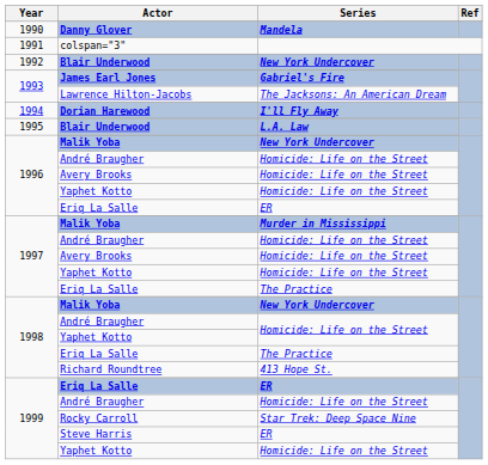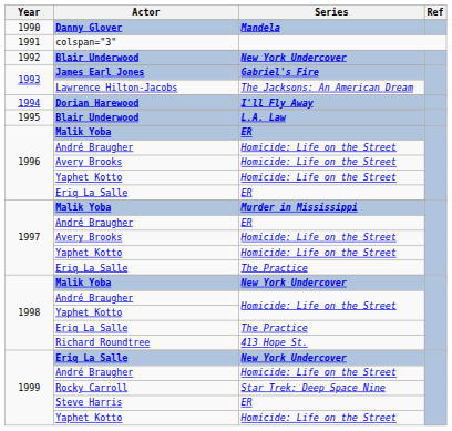 <table class="wikitable" style="width:100%;">
 <tr style="background:#bebebe;">
 <th style="width:11%;">Year</th>
 <th style="width:42%;">Actor</th>
 <th style="width:42%;">Series</th>
 <th style="width:5%;">Ref</th>
 </tr>
 <tr>
 <td rowspan="2" align="center">1990</td>
 </tr>
 <tr style="background:#B0C4DE">
 <td><strong><a href='#'>Danny Glover</a></strong></td>
 <td><strong><em><a href='#'>Mandela</a></em></strong></td>
 <td align="center"></td>
 </tr>
 <tr>
 <td align="center">1991</td>
 <td>colspan="3" </td>
 </tr>
 <tr>
 <td rowspan="2" align="center">1992</td>
 </tr>
 <tr style="background:#B0C4DE">
 <td><strong><a href='#'>Blair Underwood</a></strong></td>
 <td><strong><em><a href='#'>New York Undercover</a></em></strong></td>
 <td rowspan="2" align="center"></td>
 </tr>
 <tr>
 <td rowspan="3" align="center"><a href='#'>1993</a></td>
 </tr>
 <tr style="background:#B0C4DE">
 <td><strong><a href='#'>James Earl Jones</a></strong></td>
 <td><strong><em><a href='#'>Gabriel's Fire</a></em></strong></td>
 <td rowspan="3" align="center"></td>
 </tr>
 <tr>
 <td><a href='#'>Lawrence Hilton-Jacobs</a></td>
 <td><em><a href='#'>The Jacksons: An American Dream</a></em></td>
 </tr>
 <tr>
 <td rowspan="2" align="center"><a href='#'>1994</a></td>
 </tr>
 <tr style="background:#B0C4DE">
 <td><strong><a href='#'>Dorian Harewood</a></strong></td>
 <td><strong><em><a href='#'>I'll Fly Away</a></em></strong></td>
 <td rowspan="2" align="center"></td>
 </tr>
 <tr>
 <td rowspan="2" align="center">1995</td>
 </tr>
 <tr style="background:#B0C4DE">
 <td><strong><a href='#'>Blair Underwood</a></strong></td>
 <td><strong><em><a href='#'>L.A. Law</a></em></strong></td>
 <td rowspan="2" align="center"></td>
 </tr>
 <tr>
 <td rowspan="6" align="center">1996</td>
 </tr>
 <tr style="background:#B0C4DE">
 <td><strong><a href='#'>Malik Yoba</a></strong></td>
-<td><strong><em><a href='#'>New York Undercover</a></em></strong></td>
+<td><strong><em><a href='#'>ER</a></em></strong></td>
 <td rowspan="6" align="center"></td>
 </tr>
 <tr>
 <td><a href='#'>André Braugher</a></td>
 <td><em><a href='#'>Homicide: Life on the Street</a></em></td>
 </tr>
 <tr>
 <td><a href='#'>Avery Brooks</a></td>
 <td><em><a href='#'>Homicide: Life on the Street</a></em></td>
 </tr>
 <tr>
 <td><a href='#'>Yaphet Kotto</a></td>
 <td><em><a href='#'>Homicide: Life on the Street</a></em></td>
 </tr>
 <tr>
 <td><a href='#'>Eriq La Salle</a></td>
 <td><em><a href='#'>ER</a></em></td>
 </tr>
 <tr>
 <td rowspan="6" align="center">1997</td>
 </tr>
 <tr style="background:#B0C4DE">
 <td><strong><a href='#'>Malik Yoba</a></strong></td>
 <td><strong><em><a href='#'>Murder in Mississippi</a></em></strong></td>
 <td rowspan="6" align="center"></td>
 </tr>
 <tr>
 <td><a href='#'>André Braugher</a></td>
-<td><em><a href='#'>Homicide: Life on the Street</a></em></td>
+<td><em><a href='#'>ER</a></em></td>
 </tr>
 <tr>
 <td><a href='#'>Avery Brooks</a></td>
 <td><em><a href='#'>Homicide: Life on the Street</a></em></td>
 </tr>
 <tr>
 <td><a href='#'>Yaphet Kotto</a></td>
 <td><em><a href='#'>Homicide: Life on the Street</a></em></td>
 </tr>
 <tr>
 <td><a href='#'>Eriq La Salle</a></td>
 <td><em><a href='#'>The Practice</a></em></td>
 </tr>
 <tr>
 <td rowspan="6" align="center">1998</td>
 </tr>
 <tr style="background:#B0C4DE">
 <td><strong><a href='#'>Malik Yoba</a></strong></td>
 <td><strong><em><a href='#'>New York Undercover</a></em></strong></td>
 <td rowspan="6" align="center"></td>
 </tr>
 <tr>
 <td><a href='#'>André Braugher</a></td>
 <td rowspan="2"><em><a href='#'>Homicide: Life on the Street</a></em></td>
 </tr>
 <tr>
 <td><a href='#'>Yaphet Kotto</a></td>
 </tr>
 <tr>
 <td><a href='#'>Eriq La Salle</a></td>
 <td><em><a href='#'>The Practice</a></em></td>
 </tr>
 <tr>
 <td><a href='#'>Richard Roundtree</a></td>
 <td><em><a href='#'>413 Hope St.</a></em></td>
 </tr>
 <tr>
 <td rowspan="6" align="center">1999</td>
 </tr>
 <tr style="background:#B0C4DE">
 <td><strong><a href='#'>Eriq La Salle</a></strong></td>
-<td><strong><em><a href='#'>ER</a></em></strong></td>
+<td><strong><em><a href='#'>New York Undercover</a></em></strong></td>
 <td rowspan="6" align="center"></td>
 </tr>
 <tr>
 <td><a href='#'>André Braugher</a></td>
 <td><em><a href='#'>Homicide: Life on the Street</a></em></td>
 </tr>
 <tr>
 <td><a href='#'>Rocky Carroll</a></td>
 <td><em><a href='#'>Star Trek: Deep Space Nine</a></em></td>
 </tr>
 <tr>
 <td><a href='#'>Steve Harris</a></td>
 <td><em><a href='#'>ER</a></em></td>
 </tr>
 <tr>
 <td><a href='#'>Yaphet Kotto</a></td>
 <td><em><a href='#'>Homicide: Life on the Street</a></em></td>
 </tr>
 </table>
